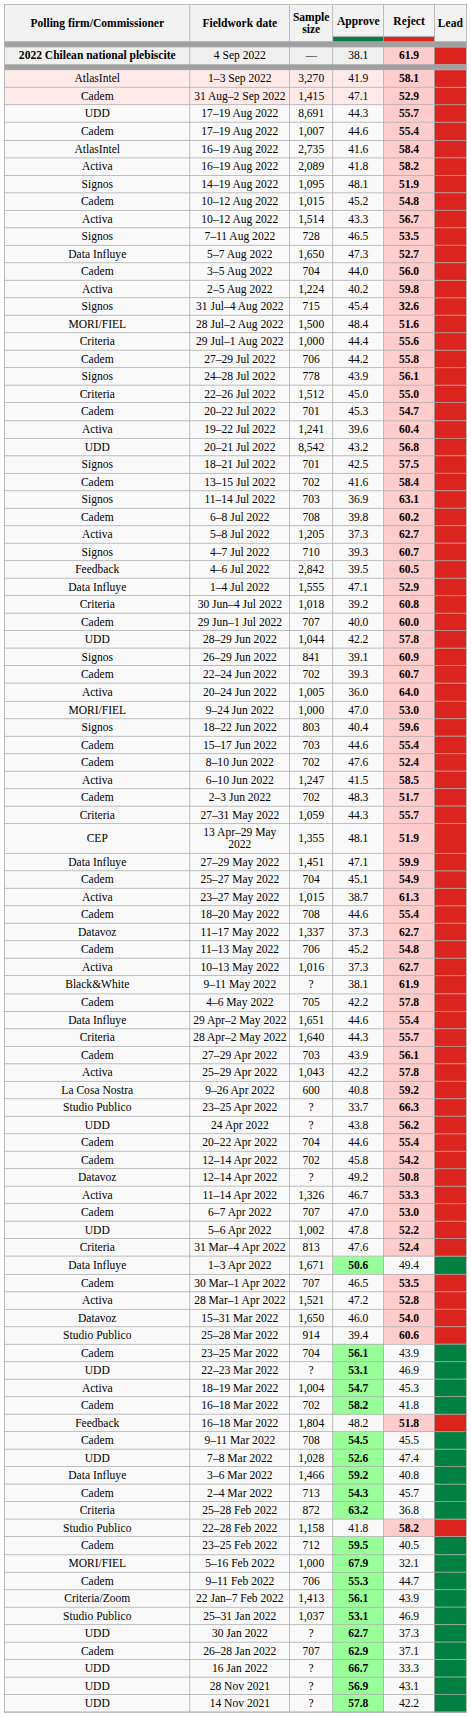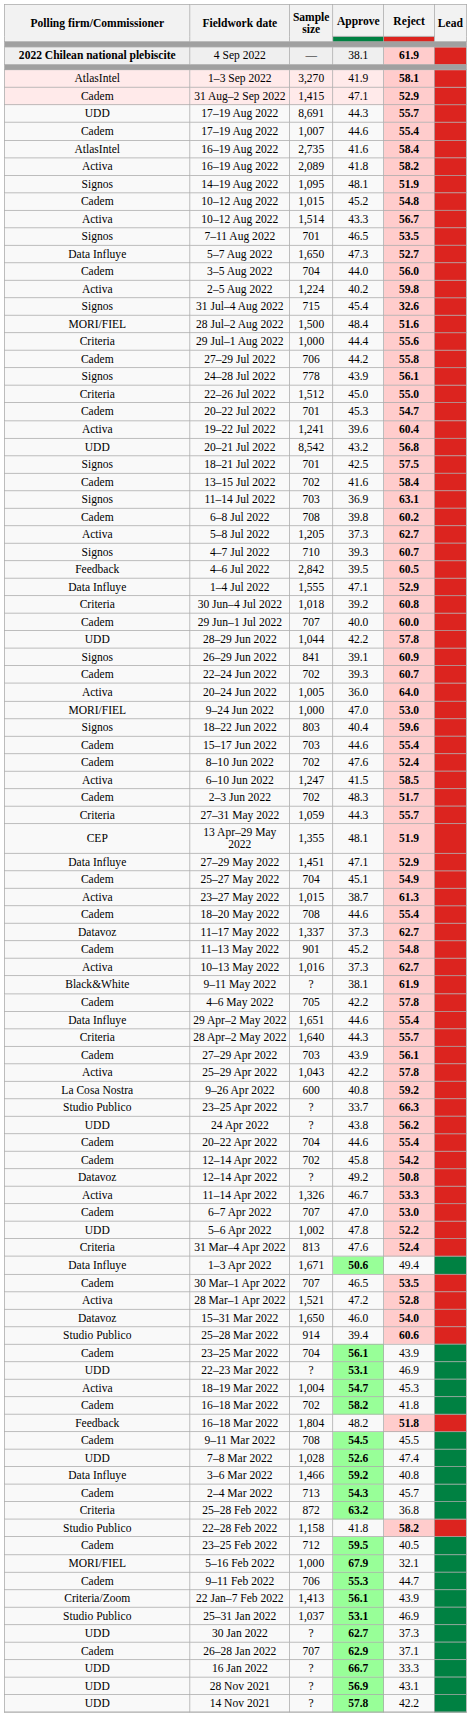 <table class="wikitable collapsible collapsed" style="text-align:center; font-size:95%; line-height:16px;">
 <tr style="height:42px;">
 <th style="width:240px;" rowspan="2">Polling firm/Commissioner</th>
 <th style="width:125px;" rowspan="2">Fieldwork date</th>
 <th style="width:50px;" rowspan="2">Sample<br>size</th>
 <th style="width:60px;">Approve</th>
 <th style="width:60px;">Reject</th>
 <th style="width:35px;" rowspan="2">Lead</th>
 </tr>
 <tr>
 <th class="unsortable" style="background:#008142"></th>
 <th class="unsortable" style="background:#DC241F"></th>
 </tr>
 <tr>
 <td colspan="8" style="background:#A0A0A0"></td>
 </tr>
 <tr style="background:#EFEFEF;">
 <td><strong>2022 Chilean national plebiscite</strong></td>
 <td>4 Sep 2022</td>
 <td>—</td>
 <td>38.1</td>
 <td style="background:#FFCCCC"><strong>61.9</strong></td>
 <td style="background:#DC241F"></td>
 </tr>
 <tr>
 <td colspan="8" style="background:#A0A0A0"></td>
 </tr>
 <tr style="background:#FFEAEA">
 <td>AtlasIntel</td>
 <td>1–3 Sep 2022</td>
 <td>3,270</td>
 <td>41.9</td>
 <td style="background:#FFCCCC"><strong>58.1</strong></td>
 <td style="background:#DC241F"></td>
 </tr>
 <tr style="background:#FFEAEA">
 <td>Cadem</td>
 <td>31 Aug–2 Sep 2022</td>
 <td>1,415</td>
 <td>47.1</td>
 <td style="background:#FFCCCC"><strong>52.9</strong></td>
 <td style="background:#DC241F"></td>
 </tr>
 <tr>
 <td>UDD</td>
 <td>17–19 Aug 2022</td>
 <td>8,691</td>
 <td>44.3</td>
 <td style="background:#FFCCCC"><strong>55.7</strong></td>
 <td style="background:#DC241F"></td>
 </tr>
 <tr>
 <td>Cadem</td>
 <td>17–19 Aug 2022</td>
 <td>1,007</td>
 <td>44.6</td>
 <td style="background:#FFCCCC"><strong>55.4</strong></td>
 <td style="background:#DC241F"></td>
 </tr>
 <tr>
 <td>AtlasIntel</td>
 <td>16–19 Aug 2022</td>
 <td>2,735</td>
 <td>41.6</td>
 <td style="background:#FFCCCC"><strong>58.4</strong></td>
 <td style="background:#DC241F"></td>
 </tr>
 <tr>
 <td>Activa</td>
 <td>16–19 Aug 2022</td>
 <td>2,089</td>
 <td>41.8</td>
 <td style="background:#FFCCCC"><strong>58.2</strong></td>
 <td style="background:#DC241F"></td>
 </tr>
 <tr>
 <td>Signos</td>
 <td>14–19 Aug 2022</td>
 <td>1,095</td>
 <td>48.1</td>
 <td style="background:#FFCCCC"><strong>51.9</strong></td>
 <td style="background:#DC241F"></td>
 </tr>
 <tr>
 <td>Cadem</td>
 <td>10–12 Aug 2022</td>
 <td>1,015</td>
 <td>45.2</td>
 <td style="background:#FFCCCC"><strong>54.8</strong></td>
 <td style="background:#DC241F"></td>
 </tr>
 <tr>
 <td>Activa</td>
 <td>10–12 Aug 2022</td>
 <td>1,514</td>
 <td>43.3</td>
 <td style="background:#FFCCCC"><strong>56.7</strong></td>
 <td style="background:#DC241F"></td>
 </tr>
 <tr>
 <td>Signos</td>
 <td>7–11 Aug 2022</td>
-<td>728</td>
+<td>701</td>
 <td>46.5</td>
 <td style="background:#FFCCCC"><strong>53.5</strong></td>
 <td style="background:#DC241F"></td>
 </tr>
 <tr>
 <td>Data Influye</td>
 <td>5–7 Aug 2022</td>
 <td>1,650</td>
 <td>47.3</td>
 <td style="background:#FFCCCC"><strong>52.7</strong></td>
 <td style="background:#DC241F"></td>
 </tr>
 <tr>
 <td>Cadem</td>
 <td>3–5 Aug 2022</td>
 <td>704</td>
 <td>44.0</td>
 <td style="background:#FFCCCC"><strong>56.0</strong></td>
 <td style="background:#DC241F"></td>
 </tr>
 <tr>
 <td>Activa</td>
 <td>2–5 Aug 2022</td>
 <td>1,224</td>
 <td>40.2</td>
 <td style="background:#FFCCCC"><strong>59.8</strong></td>
 <td style="background:#DC241F"></td>
 </tr>
 <tr>
 <td>Signos</td>
 <td>31 Jul–4 Aug 2022</td>
 <td>715</td>
 <td>45.4</td>
 <td style="background:#FFCCCC"><strong>32.6</strong></td>
 <td style="background:#DC241F"></td>
 </tr>
 <tr>
 <td>MORI/FIEL</td>
 <td>28 Jul–2 Aug 2022</td>
 <td>1,500</td>
 <td>48.4</td>
 <td style="background:#FFCCCC"><strong>51.6</strong></td>
 <td style="background:#DC241F"></td>
 </tr>
 <tr>
 <td>Criteria</td>
 <td>29 Jul–1 Aug 2022</td>
 <td>1,000</td>
 <td>44.4</td>
 <td style="background:#FFCCCC"><strong>55.6</strong></td>
 <td style="background:#DC241F"></td>
 </tr>
 <tr>
 <td>Cadem</td>
 <td>27–29 Jul 2022</td>
 <td>706</td>
 <td>44.2</td>
 <td style="background:#FFCCCC"><strong>55.8</strong></td>
 <td style="background:#DC241F"></td>
 </tr>
 <tr>
 <td>Signos</td>
 <td>24–28 Jul 2022</td>
 <td>778</td>
 <td>43.9</td>
 <td style="background:#FFCCCC"><strong>56.1</strong></td>
 <td style="background:#DC241F"></td>
 </tr>
 <tr>
 <td>Criteria</td>
 <td>22–26 Jul 2022</td>
 <td>1,512</td>
 <td>45.0</td>
 <td style="background:#FFCCCC"><strong>55.0</strong></td>
 <td style="background:#DC241F"></td>
 </tr>
 <tr>
 <td>Cadem</td>
 <td>20–22 Jul 2022</td>
 <td>701</td>
 <td>45.3</td>
 <td style="background:#FFCCCC"><strong>54.7</strong></td>
 <td style="background:#DC241F"></td>
 </tr>
 <tr>
 <td>Activa</td>
 <td>19–22 Jul 2022</td>
 <td>1,241</td>
 <td>39.6</td>
 <td style="background:#FFCCCC"><strong>60.4</strong></td>
 <td style="background:#DC241F"></td>
 </tr>
 <tr>
 <td>UDD</td>
 <td>20–21 Jul 2022</td>
 <td>8,542</td>
 <td>43.2</td>
 <td style="background:#FFCCCC"><strong>56.8</strong></td>
 <td style="background:#DC241F"></td>
 </tr>
 <tr>
 <td>Signos</td>
 <td>18–21 Jul 2022</td>
 <td>701</td>
 <td>42.5</td>
 <td style="background:#FFCCCC"><strong>57.5</strong></td>
 <td style="background:#DC241F"></td>
 </tr>
 <tr>
 <td>Cadem</td>
 <td>13–15 Jul 2022</td>
 <td>702</td>
 <td>41.6</td>
 <td style="background:#FFCCCC"><strong>58.4</strong></td>
 <td style="background:#DC241F"></td>
 </tr>
 <tr>
 <td>Signos</td>
 <td>11–14 Jul 2022</td>
 <td>703</td>
 <td>36.9</td>
 <td style="background:#FFCCCC"><strong>63.1</strong></td>
 <td style="background:#DC241F"></td>
 </tr>
 <tr>
 <td>Cadem</td>
 <td>6–8 Jul 2022</td>
 <td>708</td>
 <td>39.8</td>
 <td style="background:#FFCCCC"><strong>60.2</strong></td>
 <td style="background:#DC241F"></td>
 </tr>
 <tr>
 <td>Activa</td>
 <td>5–8 Jul 2022</td>
 <td>1,205</td>
 <td>37.3</td>
 <td style="background:#FFCCCC"><strong>62.7</strong></td>
 <td style="background:#DC241F"></td>
 </tr>
 <tr>
 <td>Signos</td>
 <td>4–7 Jul 2022</td>
 <td>710</td>
 <td>39.3</td>
 <td style="background:#FFCCCC"><strong>60.7</strong></td>
 <td style="background:#DC241F"></td>
 </tr>
 <tr>
 <td>Feedback</td>
 <td>4–6 Jul 2022</td>
 <td>2,842</td>
 <td>39.5</td>
 <td style="background:#FFCCCC"><strong>60.5</strong></td>
 <td style="background:#DC241F"></td>
 </tr>
 <tr>
 <td>Data Influye</td>
 <td>1–4 Jul 2022</td>
 <td>1,555</td>
 <td>47.1</td>
 <td style="background:#FFCCCC"><strong>52.9</strong></td>
 <td style="background:#DC241F"></td>
 </tr>
 <tr>
 <td>Criteria</td>
 <td>30 Jun–4 Jul 2022</td>
 <td>1,018</td>
 <td>39.2</td>
 <td style="background:#FFCCCC"><strong>60.8</strong></td>
 <td style="background:#DC241F"></td>
 </tr>
 <tr>
 <td>Cadem</td>
 <td>29 Jun–1 Jul 2022</td>
 <td>707</td>
 <td>40.0</td>
 <td style="background:#FFCCCC"><strong>60.0</strong></td>
 <td style="background:#DC241F"></td>
 </tr>
 <tr>
 <td>UDD</td>
 <td>28–29 Jun 2022</td>
 <td>1,044</td>
 <td>42.2</td>
 <td style="background:#FFCCCC"><strong>57.8</strong></td>
 <td style="background:#DC241F"></td>
 </tr>
 <tr>
 <td>Signos</td>
 <td>26–29 Jun 2022</td>
 <td>841</td>
 <td>39.1</td>
 <td style="background:#FFCCCC"><strong>60.9</strong></td>
 <td style="background:#DC241F"></td>
 </tr>
 <tr>
 <td>Cadem</td>
 <td>22–24 Jun 2022</td>
 <td>702</td>
 <td>39.3</td>
 <td style="background:#FFCCCC"><strong>60.7</strong></td>
 <td style="background:#DC241F"></td>
 </tr>
 <tr>
 <td>Activa</td>
 <td>20–24 Jun 2022</td>
 <td>1,005</td>
 <td>36.0</td>
 <td style="background:#FFCCCC"><strong>64.0</strong></td>
 <td style="background:#DC241F"></td>
 </tr>
 <tr>
 <td>MORI/FIEL</td>
 <td>9–24 Jun 2022</td>
 <td>1,000</td>
 <td>47.0</td>
 <td style="background:#FFCCCC"><strong>53.0</strong></td>
 <td style="background:#DC241F"></td>
 </tr>
 <tr>
 <td>Signos</td>
 <td>18–22 Jun 2022</td>
 <td>803</td>
 <td>40.4</td>
 <td style="background:#FFCCCC"><strong>59.6</strong></td>
 <td style="background:#DC241F"></td>
 </tr>
 <tr>
 <td>Cadem</td>
 <td>15–17 Jun 2022</td>
 <td>703</td>
 <td>44.6</td>
 <td style="background:#FFCCCC"><strong>55.4</strong></td>
 <td style="background:#DC241F"></td>
 </tr>
 <tr>
 <td>Cadem</td>
 <td>8–10 Jun 2022</td>
 <td>702</td>
 <td>47.6</td>
 <td style="background:#FFCCCC"><strong>52.4</strong></td>
 <td style="background:#DC241F"></td>
 </tr>
 <tr>
 <td>Activa</td>
 <td>6–10 Jun 2022</td>
 <td>1,247</td>
 <td>41.5</td>
 <td style="background:#FFCCCC"><strong>58.5</strong></td>
 <td style="background:#DC241F"></td>
 </tr>
 <tr>
 <td>Cadem</td>
 <td>2–3 Jun 2022</td>
 <td>702</td>
 <td>48.3</td>
 <td style="background:#FFCCCC"><strong>51.7</strong></td>
 <td style="background:#DC241F"></td>
 </tr>
 <tr>
 <td>Criteria</td>
 <td>27–31 May 2022</td>
 <td>1,059</td>
 <td>44.3</td>
 <td style="background:#FFCCCC"><strong>55.7</strong></td>
 <td style="background:#DC241F"></td>
 </tr>
 <tr>
 <td>CEP</td>
 <td>13 Apr–29 May 2022</td>
 <td>1,355</td>
 <td>48.1</td>
 <td style="background:#FFCCCC"><strong>51.9</strong></td>
 <td style="background:#DC241F"></td>
 </tr>
 <tr>
 <td>Data Influye</td>
 <td>27–29 May 2022</td>
 <td>1,451</td>
 <td>47.1</td>
-<td style="background:#FFCCCC"><strong>59.9</strong></td>
+<td style="background:#FFCCCC"><strong>52.9</strong></td>
 <td style="background:#DC241F"></td>
 </tr>
 <tr>
 <td>Cadem</td>
 <td>25–27 May 2022</td>
 <td>704</td>
 <td>45.1</td>
 <td style="background:#FFCCCC"><strong>54.9</strong></td>
 <td style="background:#DC241F"></td>
 </tr>
 <tr>
 <td>Activa</td>
 <td>23–27 May 2022</td>
 <td>1,015</td>
 <td>38.7</td>
 <td style="background:#FFCCCC"><strong>61.3</strong></td>
 <td style="background:#DC241F"></td>
 </tr>
 <tr>
 <td>Cadem</td>
 <td>18–20 May 2022</td>
 <td>708</td>
 <td>44.6</td>
 <td style="background:#FFCCCC"><strong>55.4</strong></td>
 <td style="background:#DC241F"></td>
 </tr>
 <tr>
 <td>Datavoz</td>
 <td>11–17 May 2022</td>
 <td>1,337</td>
 <td>37.3</td>
 <td style="background:#FFCCCC"><strong>62.7</strong></td>
 <td style="background:#DC241F"></td>
 </tr>
 <tr>
 <td>Cadem</td>
 <td>11–13 May 2022</td>
-<td>706</td>
+<td>901</td>
 <td>45.2</td>
 <td style="background:#FFCCCC"><strong>54.8</strong></td>
 <td style="background:#DC241F"></td>
 </tr>
 <tr>
 <td>Activa</td>
 <td>10–13 May 2022</td>
 <td>1,016</td>
 <td>37.3</td>
 <td style="background:#FFCCCC"><strong>62.7</strong></td>
 <td style="background:#DC241F"></td>
 </tr>
 <tr>
 <td>Black&White</td>
 <td>9–11 May 2022</td>
 <td>?</td>
 <td>38.1</td>
 <td style="background:#FFCCCC"><strong>61.9</strong></td>
 <td style="background:#DC241F"></td>
 </tr>
 <tr>
 <td>Cadem</td>
 <td>4–6 May 2022</td>
 <td>705</td>
 <td>42.2</td>
 <td style="background:#FFCCCC"><strong>57.8</strong></td>
 <td style="background:#DC241F"></td>
 </tr>
 <tr>
 <td>Data Influye</td>
 <td>29 Apr–2 May 2022</td>
 <td>1,651</td>
 <td>44.6</td>
 <td style="background:#FFCCCC"><strong>55.4</strong></td>
 <td style="background:#DC241F"></td>
 </tr>
 <tr>
 <td>Criteria</td>
 <td>28 Apr–2 May 2022</td>
 <td>1,640</td>
 <td>44.3</td>
 <td style="background:#FFCCCC"><strong>55.7</strong></td>
 <td style="background:#DC241F"></td>
 </tr>
 <tr>
 <td>Cadem</td>
 <td>27–29 Apr 2022</td>
 <td>703</td>
 <td>43.9</td>
 <td style="background:#FFCCCC"><strong>56.1</strong></td>
 <td style="background:#DC241F"></td>
 </tr>
 <tr>
 <td>Activa</td>
 <td>25–29 Apr 2022</td>
 <td>1,043</td>
 <td>42.2</td>
 <td style="background:#FFCCCC"><strong>57.8</strong></td>
 <td style="background:#DC241F"></td>
 </tr>
 <tr>
 <td>La Cosa Nostra</td>
 <td>9–26 Apr 2022</td>
 <td>600</td>
 <td>40.8</td>
 <td style="background:#FFCCCC"><strong>59.2</strong></td>
 <td style="background:#DC241F"></td>
 </tr>
 <tr>
 <td>Studio Publico</td>
 <td>23–25 Apr 2022</td>
 <td>?</td>
 <td>33.7</td>
 <td style="background:#FFCCCC"><strong>66.3</strong></td>
 <td style="background:#DC241F"></td>
 </tr>
 <tr>
 <td>UDD</td>
 <td>24 Apr 2022</td>
 <td>?</td>
 <td>43.8</td>
 <td style="background:#FFCCCC"><strong>56.2</strong></td>
 <td style="background:#DC241F"></td>
 </tr>
 <tr>
 <td>Cadem</td>
 <td>20–22 Apr 2022</td>
 <td>704</td>
 <td>44.6</td>
 <td style="background:#FFCCCC"><strong>55.4</strong></td>
 <td style="background:#DC241F"></td>
 </tr>
 <tr>
 <td>Cadem</td>
 <td>12–14 Apr 2022</td>
 <td>702</td>
 <td>45.8</td>
 <td style="background:#FFCCCC"><strong>54.2</strong></td>
 <td style="background:#DC241F"></td>
 </tr>
 <tr>
 <td>Datavoz</td>
 <td>12–14 Apr 2022</td>
 <td>?</td>
 <td>49.2</td>
 <td style="background:#FFCCCC"><strong>50.8</strong></td>
 <td style="background:#DC241F"></td>
 </tr>
 <tr>
 <td>Activa</td>
 <td>11–14 Apr 2022</td>
 <td>1,326</td>
 <td>46.7</td>
 <td style="background:#FFCCCC"><strong>53.3</strong></td>
 <td style="background:#DC241F"></td>
 </tr>
 <tr>
 <td>Cadem</td>
 <td>6–7 Apr 2022</td>
 <td>707</td>
 <td>47.0</td>
 <td style="background:#FFCCCC"><strong>53.0</strong></td>
 <td style="background:#DC241F"></td>
 </tr>
 <tr>
 <td>UDD</td>
 <td>5–6 Apr 2022</td>
 <td>1,002</td>
 <td>47.8</td>
 <td style="background:#FFCCCC"><strong>52.2</strong></td>
 <td style="background:#DC241F"></td>
 </tr>
 <tr>
 <td>Criteria</td>
 <td>31 Mar–4 Apr 2022</td>
 <td>813</td>
 <td>47.6</td>
 <td style="background:#FFCCCC"><strong>52.4</strong></td>
 <td style="background:#DC241F"></td>
 </tr>
 <tr>
 <td>Data Influye</td>
 <td>1–3 Apr 2022</td>
 <td>1,671</td>
 <td style="background:#98ff98"><strong>50.6</strong></td>
 <td>49.4</td>
 <td style="background:#008142"></td>
 </tr>
 <tr>
 <td>Cadem</td>
 <td>30 Mar–1 Apr 2022</td>
 <td>707</td>
 <td>46.5</td>
 <td style="background:#FFCCCC"><strong>53.5</strong></td>
 <td style="background:#DC241F"></td>
 </tr>
 <tr>
 <td>Activa</td>
 <td>28 Mar–1 Apr 2022</td>
 <td>1,521</td>
 <td>47.2</td>
 <td style="background:#FFCCCC"><strong>52.8</strong></td>
 <td style="background:#DC241F"></td>
 </tr>
 <tr>
 <td>Datavoz</td>
 <td>15–31 Mar 2022</td>
 <td>1,650</td>
 <td>46.0</td>
 <td style="background:#FFCCCC"><strong>54.0</strong></td>
 <td style="background:#DC241F"></td>
 </tr>
 <tr>
 <td>Studio Publico</td>
 <td>25–28 Mar 2022</td>
 <td>914</td>
 <td>39.4</td>
 <td style="background:#FFCCCC"><strong>60.6</strong></td>
 <td style="background:#DC241F"></td>
 </tr>
 <tr>
 <td>Cadem</td>
 <td>23–25 Mar 2022</td>
 <td>704</td>
 <td style="background:#98ff98"><strong>56.1</strong></td>
 <td>43.9</td>
 <td style="background:#008142"></td>
 </tr>
 <tr>
 <td>UDD</td>
 <td>22–23 Mar 2022</td>
 <td>?</td>
 <td style="background:#98ff98"><strong>53.1</strong></td>
 <td>46.9</td>
 <td style="background:#008142"></td>
 </tr>
 <tr>
 <td>Activa</td>
 <td>18–19 Mar 2022</td>
 <td>1,004</td>
 <td style="background:#98ff98"><strong>54.7</strong></td>
 <td>45.3</td>
 <td style="background:#008142"></td>
 </tr>
 <tr>
 <td>Cadem</td>
 <td>16–18 Mar 2022</td>
 <td>702</td>
 <td style="background:#98ff98"><strong>58.2</strong></td>
 <td>41.8</td>
 <td style="background:#008142"></td>
 </tr>
 <tr>
 <td>Feedback</td>
 <td>16–18 Mar 2022</td>
 <td>1,804</td>
 <td>48.2</td>
 <td style="background:#FFCCCC"><strong>51.8</strong></td>
 <td style="background:#DC241F"></td>
 </tr>
 <tr>
 <td>Cadem</td>
 <td>9–11 Mar 2022</td>
 <td>708</td>
 <td style="background:#98ff98"><strong>54.5</strong></td>
 <td>45.5</td>
 <td style="background:#008142"></td>
 </tr>
 <tr>
 <td>UDD</td>
 <td>7–8 Mar 2022</td>
 <td>1,028</td>
 <td style="background:#98ff98"><strong>52.6</strong></td>
 <td>47.4</td>
 <td style="background:#008142"></td>
 </tr>
 <tr>
 <td>Data Influye</td>
 <td>3–6 Mar 2022</td>
 <td>1,466</td>
 <td style="background:#98ff98"><strong>59.2</strong></td>
 <td>40.8</td>
 <td style="background:#008142"></td>
 </tr>
 <tr>
 <td>Cadem</td>
 <td>2–4 Mar 2022</td>
 <td>713</td>
 <td style="background:#98ff98"><strong>54.3</strong></td>
 <td>45.7</td>
 <td style="background:#008142"></td>
 </tr>
 <tr>
 <td>Criteria</td>
 <td>25–28 Feb 2022</td>
 <td>872</td>
 <td style="background:#98ff98"><strong>63.2</strong></td>
 <td>36.8</td>
 <td style="background:#008142"></td>
 </tr>
 <tr>
 <td>Studio Publico</td>
 <td>22–28 Feb 2022</td>
 <td>1,158</td>
 <td>41.8</td>
 <td style="background:#FFCCCC"><strong>58.2</strong></td>
 <td style="background:#DC241F"></td>
 </tr>
 <tr>
 <td>Cadem</td>
 <td>23–25 Feb 2022</td>
 <td>712</td>
 <td style="background:#98ff98"><strong>59.5</strong></td>
 <td>40.5</td>
 <td style="background:#008142"></td>
 </tr>
 <tr>
 <td>MORI/FIEL</td>
 <td>5–16 Feb 2022</td>
 <td>1,000</td>
 <td style="background:#98ff98"><strong>67.9</strong></td>
 <td>32.1</td>
 <td style="background:#008142"></td>
 </tr>
 <tr>
 <td>Cadem</td>
 <td>9–11 Feb 2022</td>
 <td>706</td>
 <td style="background:#98ff98"><strong>55.3</strong></td>
 <td>44.7</td>
 <td style="background:#008142"></td>
 </tr>
 <tr>
 <td>Criteria/Zoom</td>
 <td>22 Jan–7 Feb 2022</td>
 <td>1,413</td>
 <td style="background:#98ff98"><strong>56.1</strong></td>
 <td>43.9</td>
 <td style="background:#008142"></td>
 </tr>
 <tr>
 <td>Studio Publico</td>
 <td>25–31 Jan 2022</td>
 <td>1,037</td>
 <td style="background:#98ff98"><strong>53.1</strong></td>
 <td>46.9</td>
 <td style="background:#008142"></td>
 </tr>
 <tr>
 <td>UDD</td>
 <td>30 Jan 2022</td>
 <td>?</td>
 <td style="background:#98ff98"><strong>62.7</strong></td>
 <td>37.3</td>
 <td style="background:#008142"></td>
 </tr>
 <tr>
 <td>Cadem</td>
 <td>26–28 Jan 2022</td>
 <td>707</td>
 <td style="background:#98ff98"><strong>62.9</strong></td>
 <td>37.1</td>
 <td style="background:#008142"></td>
 </tr>
 <tr>
 <td>UDD</td>
 <td>16 Jan 2022</td>
 <td>?</td>
 <td style="background:#98ff98"><strong>66.7</strong></td>
 <td>33.3</td>
 <td style="background:#008142"></td>
 </tr>
 <tr>
 <td>UDD</td>
 <td>28 Nov 2021</td>
 <td>?</td>
 <td style="background:#98ff98"><strong>56.9</strong></td>
 <td>43.1</td>
 <td style="background:#008142"></td>
 </tr>
 <tr>
 <td>UDD</td>
 <td>14 Nov 2021</td>
 <td>?</td>
 <td style="background:#98ff98"><strong>57.8</strong></td>
 <td>42.2</td>
 <td style="background:#008142"></td>
 </tr>
 <tr>
 </tr>
 </table>
